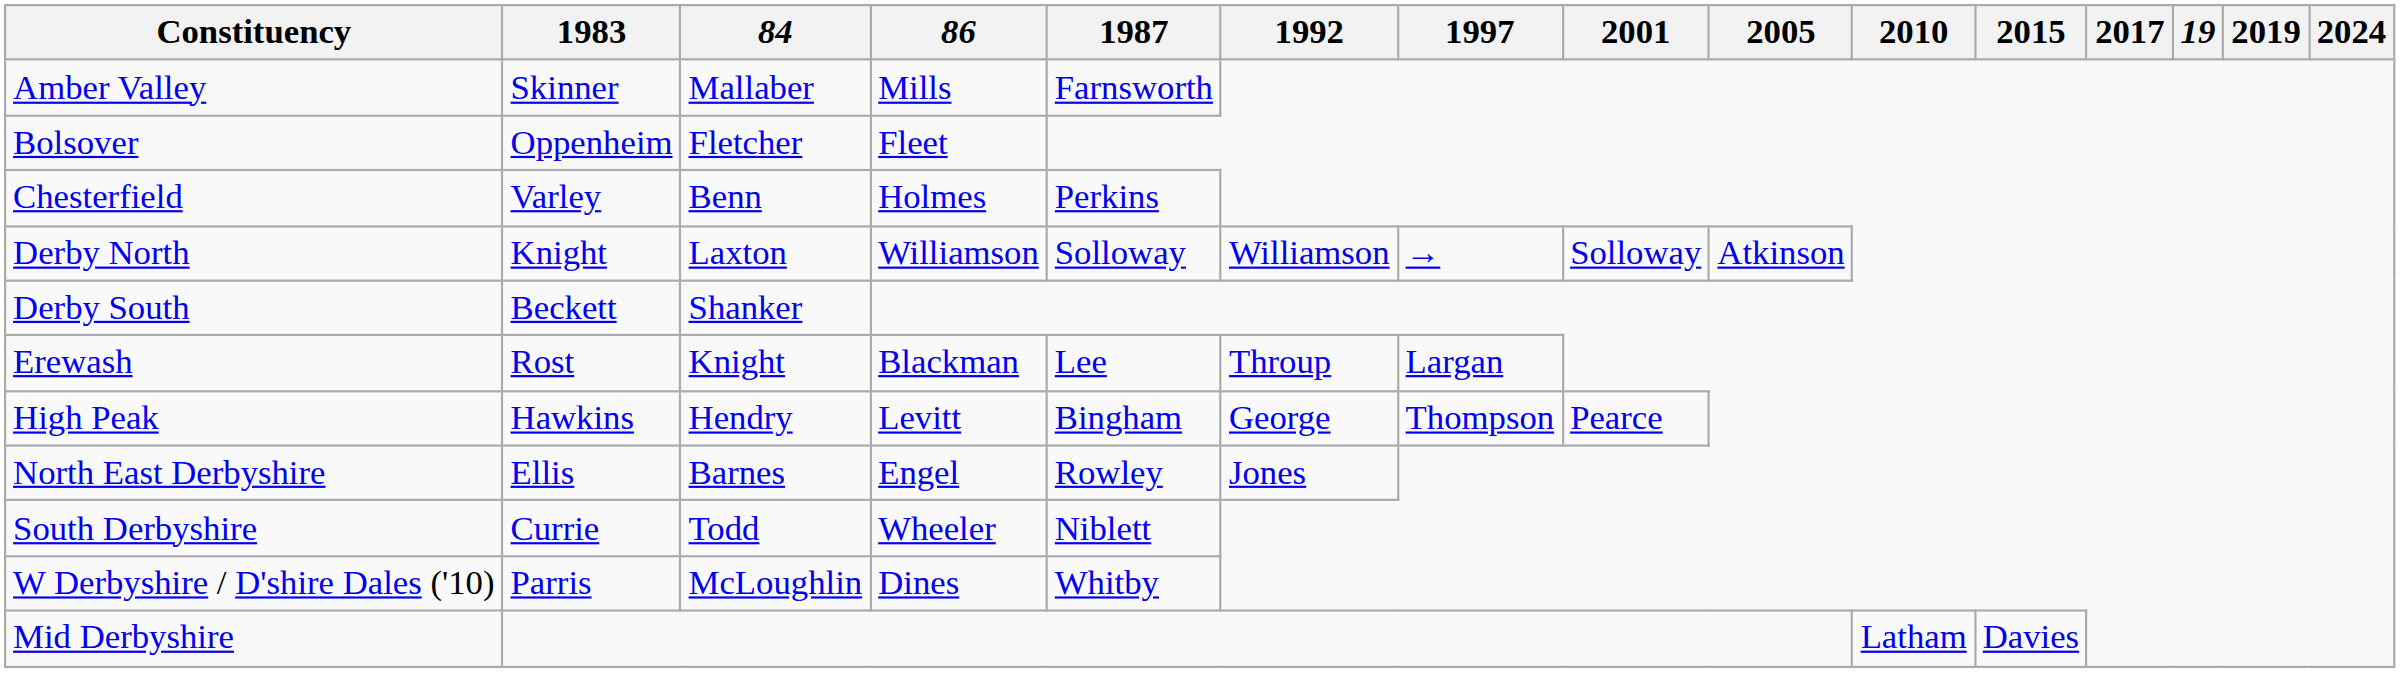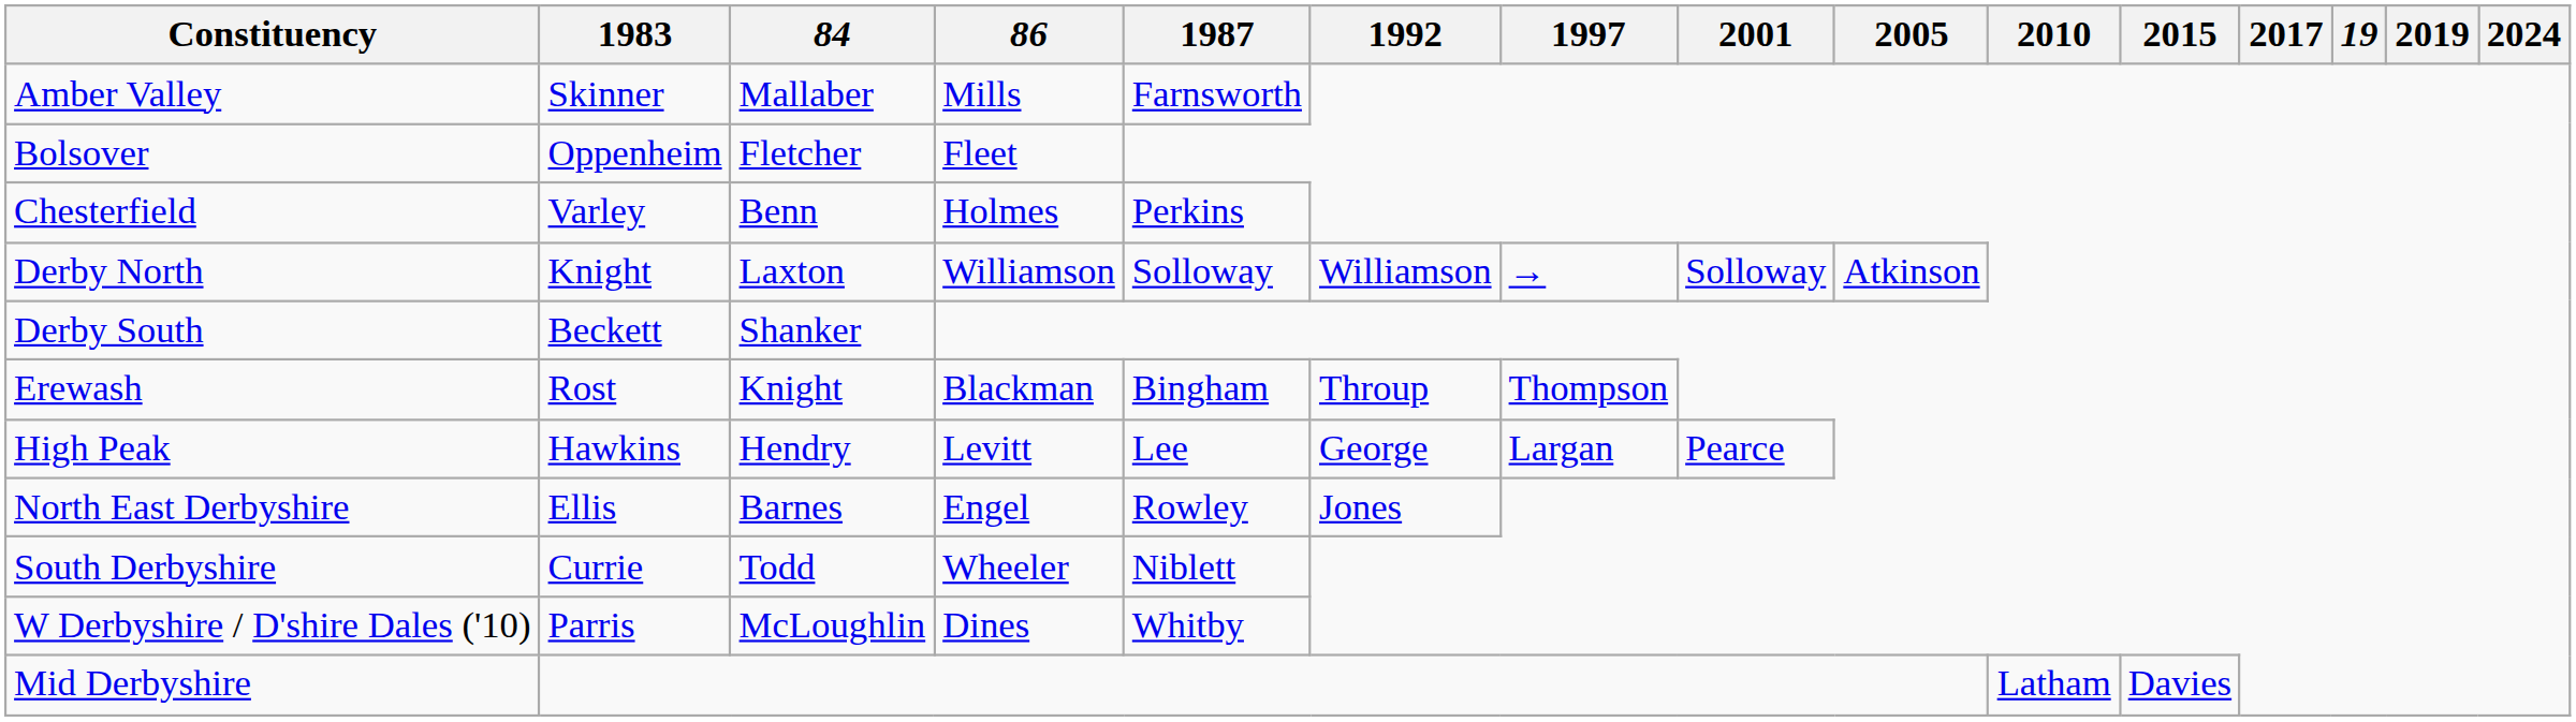 <table class="wikitable">
 <tr>
 <th>Constituency</th>
 <th>1983</th>
 <th><em>84</em></th>
 <th><em>86</em></th>
 <th>1987</th>
 <th>1992</th>
 <th>1997</th>
 <th>2001</th>
 <th>2005</th>
 <th>2010</th>
 <th>2015</th>
 <th>2017</th>
 <th><em>19</em></th>
 <th>2019</th>
 <th>2024</th>
 </tr>
 <tr>
 <td><a href='#'>Amber Valley</a></td>
 <td><a href='#'>Skinner</a></td>
 <td><a href='#'>Mallaber</a></td>
 <td><a href='#'>Mills</a></td>
 <td><a href='#'>Farnsworth</a></td>
 </tr>
 <tr>
 <td><a href='#'>Bolsover</a></td>
 <td><a href='#'>Oppenheim</a></td>
 <td><a href='#'>Fletcher</a></td>
 <td><a href='#'>Fleet</a></td>
 </tr>
 <tr>
 <td><a href='#'>Chesterfield</a></td>
 <td><a href='#'>Varley</a></td>
 <td><a href='#'>Benn</a></td>
 <td><a href='#'>Holmes</a></td>
 <td><a href='#'>Perkins</a></td>
 </tr>
 <tr>
 <td><a href='#'>Derby North</a></td>
 <td><a href='#'>Knight</a></td>
 <td><a href='#'>Laxton</a></td>
 <td><a href='#'>Williamson</a></td>
 <td><a href='#'>Solloway</a></td>
 <td><a href='#'>Williamson</a></td>
 <td><a href='#'>→</a></td>
 <td><a href='#'>Solloway</a></td>
 <td><a href='#'>Atkinson</a></td>
 </tr>
 <tr>
 <td><a href='#'>Derby South</a></td>
 <td><a href='#'>Beckett</a></td>
 <td><a href='#'>Shanker</a></td>
 </tr>
 <tr>
 <td><a href='#'>Erewash</a></td>
 <td><a href='#'>Rost</a></td>
 <td><a href='#'>Knight</a></td>
 <td><a href='#'>Blackman</a></td>
-<td><a href='#'>Lee</a></td>
+<td><a href='#'>Bingham</a></td>
 <td><a href='#'>Throup</a></td>
-<td><a href='#'>Largan</a></td>
+<td><a href='#'>Thompson</a></td>
 </tr>
 <tr>
 <td><a href='#'>High Peak</a></td>
 <td><a href='#'>Hawkins</a></td>
 <td><a href='#'>Hendry</a></td>
 <td><a href='#'>Levitt</a></td>
-<td><a href='#'>Bingham</a></td>
+<td><a href='#'>Lee</a></td>
 <td><a href='#'>George</a></td>
-<td><a href='#'>Thompson</a></td>
+<td><a href='#'>Largan</a></td>
 <td><a href='#'>Pearce</a></td>
 </tr>
 <tr>
 <td><a href='#'>North East Derbyshire</a></td>
 <td><a href='#'>Ellis</a></td>
 <td><a href='#'>Barnes</a></td>
 <td><a href='#'>Engel</a></td>
 <td><a href='#'>Rowley</a></td>
 <td><a href='#'>Jones</a></td>
 </tr>
 <tr>
 <td><a href='#'>South Derbyshire</a></td>
 <td><a href='#'>Currie</a></td>
 <td><a href='#'>Todd</a></td>
 <td><a href='#'>Wheeler</a></td>
 <td><a href='#'>Niblett</a></td>
 </tr>
 <tr>
 <td><a href='#'>W Derbyshire</a> / <a href='#'>D'shire Dales</a> ('10)</td>
 <td><a href='#'>Parris</a></td>
 <td><a href='#'>McLoughlin</a></td>
 <td><a href='#'>Dines</a></td>
 <td><a href='#'>Whitby</a></td>
 </tr>
 <tr>
 <td><a href='#'>Mid Derbyshire</a></td>
 <td colspan="8"></td>
 <td><a href='#'>Latham</a></td>
 <td><a href='#'>Davies</a></td>
 </tr>
 </table>
